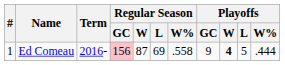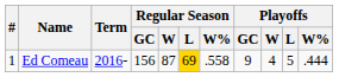 <table class="wikitable">
 <tr>
 <th rowspan="2">#</th>
 <th rowspan="2">Name</th>
 <th rowspan="2">Term</th>
 <th colspan="4">Regular Season</th>
 <th colspan="4">Playoffs</th>
 </tr>
 <tr>
 <th>GC</th>
 <th>W</th>
 <th>L</th>
 <th>W%</th>
 <th>GC</th>
 <th>W</th>
 <th>L</th>
 <th>W%</th>
 </tr>
 <tr>
 <td align=center>1</td>
 <td><a href='#'>Ed Comeau</a></td>
 <td align=center><a href='#'>2016</a>-</td>
-<td align=center style="background: pink;">156</td>
+<td align=center>156</td>
 <td align="center">87</td>
-<td align="center">69</td>
+<td align="center" style="background: gold;">69</td>
 <td align="center">.558</td>
 <td align="center">9</td>
-<td align="center"><strong>4</strong></td>
+<td align="center">4</td>
 <td align=center>5</td>
 <td align="center">.444</td>
 </tr>
 </table>
